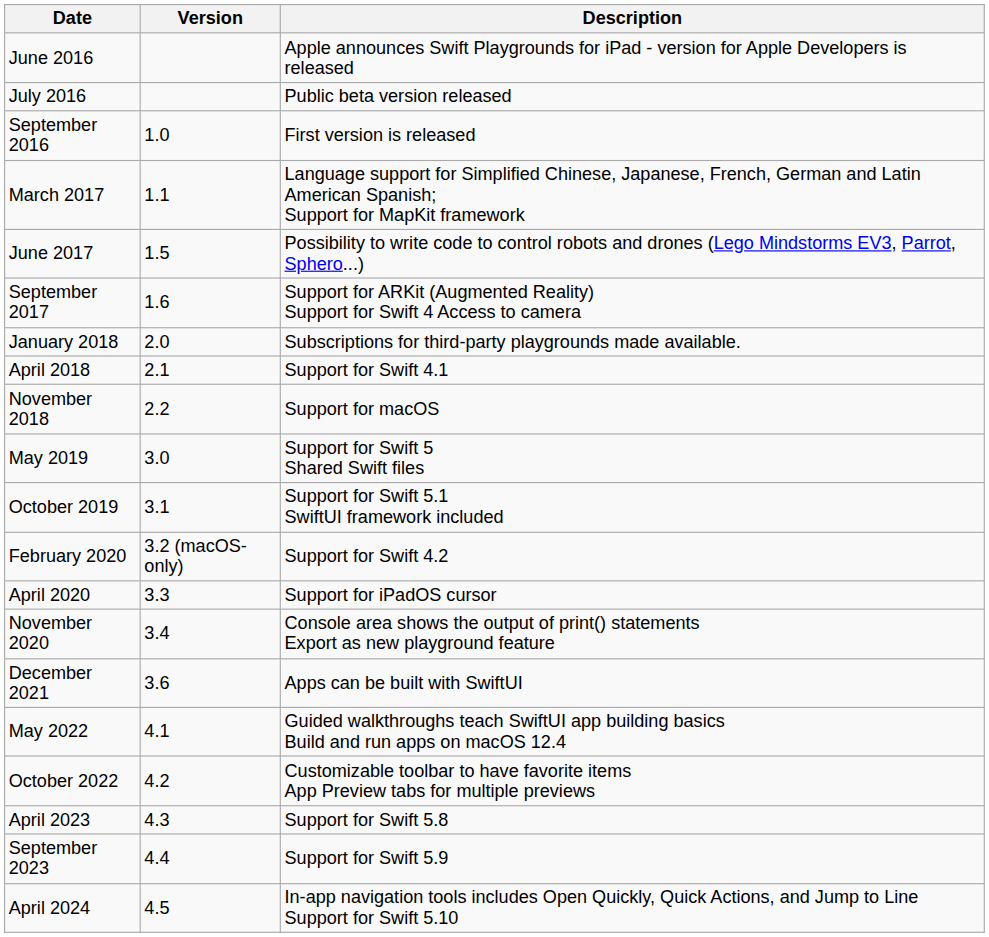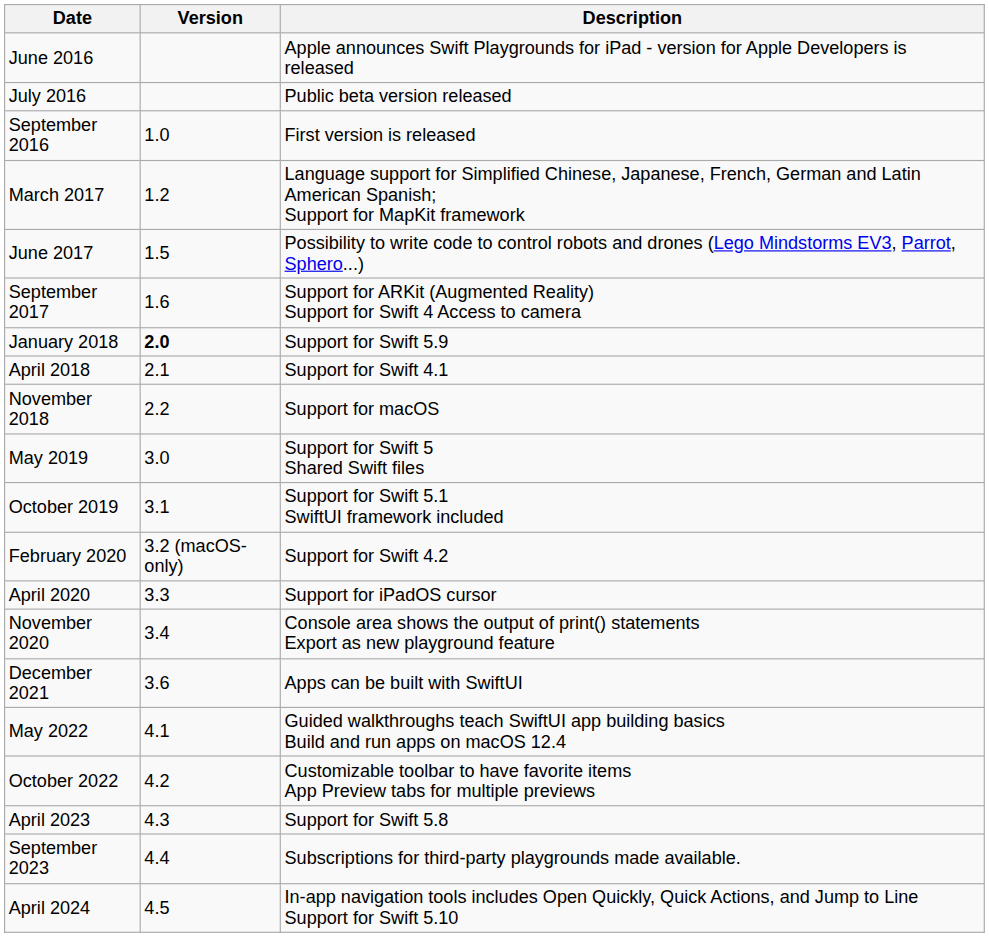 <table class="wikitable">
 <tr>
 <th>Date</th>
 <th>Version</th>
 <th>Description</th>
 </tr>
 <tr>
 <td>June 2016</td>
 <td></td>
 <td>Apple announces Swift Playgrounds for iPad - version for Apple Developers is released</td>
 </tr>
 <tr>
 <td>July 2016</td>
 <td></td>
 <td>Public beta version released</td>
 </tr>
 <tr>
 <td>September 2016</td>
 <td>1.0</td>
 <td>First version is released</td>
 </tr>
 <tr>
 <td>March 2017</td>
-<td>1.1</td>
+<td>1.2</td>
 <td>Language support for Simplified Chinese, Japanese, French, German and Latin American Spanish;<br>Support for MapKit framework</td>
 </tr>
 <tr>
 <td>June 2017</td>
 <td>1.5</td>
 <td>Possibility to write code to control robots and drones (<a href='#'>Lego Mindstorms EV3</a>, <a href='#'>Parrot</a>, <a href='#'>Sphero</a>...)</td>
 </tr>
 <tr>
 <td>September 2017</td>
 <td>1.6</td>
 <td>Support for ARKit (Augmented Reality)<br>Support for Swift 4 Access to camera</td>
 </tr>
 <tr>
 <td>January 2018</td>
-<td>2.0</td>
-<td>Subscriptions for third-party playgrounds made available.</td>
+<td><strong>2.0</strong></td>
+<td>Support for Swift 5.9</td>
 </tr>
 <tr>
 <td>April 2018</td>
 <td>2.1</td>
 <td>Support for Swift 4.1</td>
 </tr>
 <tr>
 <td>November 2018</td>
 <td>2.2</td>
 <td>Support for macOS</td>
 </tr>
 <tr>
 <td>May 2019</td>
 <td>3.0</td>
 <td>Support for Swift 5<br>Shared Swift files</td>
 </tr>
 <tr>
 <td>October 2019</td>
 <td>3.1</td>
 <td>Support for Swift 5.1<br>SwiftUI framework included</td>
 </tr>
 <tr>
 <td>February 2020</td>
 <td>3.2 (macOS-only)</td>
 <td>Support for Swift 4.2</td>
 </tr>
 <tr>
 <td>April 2020</td>
 <td>3.3</td>
 <td>Support for iPadOS cursor</td>
 </tr>
 <tr>
 <td>November 2020</td>
 <td>3.4</td>
 <td>Console area shows the output of print() statements<br>Export as new playground feature</td>
 </tr>
 <tr>
 <td>December 2021</td>
 <td>3.6</td>
 <td>Apps can be built with SwiftUI</td>
 </tr>
 <tr>
 <td>May 2022</td>
 <td>4.1</td>
 <td>Guided walkthroughs teach SwiftUI app building basics<br>Build and run apps on macOS 12.4</td>
 </tr>
 <tr>
 <td>October 2022</td>
 <td>4.2</td>
 <td>Customizable toolbar to have favorite items<br>App Preview tabs for multiple previews</td>
 </tr>
 <tr>
 <td>April 2023</td>
 <td>4.3</td>
 <td>Support for Swift 5.8</td>
 </tr>
 <tr>
 <td>September 2023</td>
 <td>4.4</td>
-<td>Support for Swift 5.9</td>
+<td>Subscriptions for third-party playgrounds made available.</td>
 </tr>
 <tr>
 <td>April 2024</td>
 <td>4.5</td>
 <td>In-app navigation tools includes Open Quickly, Quick Actions, and Jump to Line<br>Support for Swift 5.10</td>
 </tr>
 </table>
